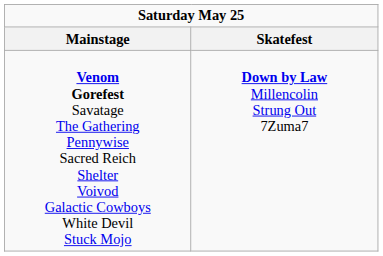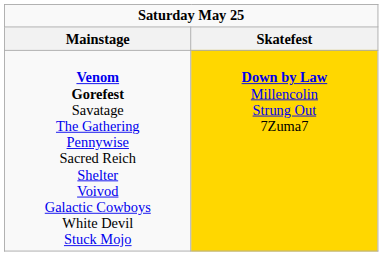 <table class="wikitable">
 <tr>
 <td colspan="3" align="center"><strong>Saturday May 25</strong></td>
 </tr>
 <tr>
 <th>Mainstage</th>
 <th>Skatefest</th>
 </tr>
 <tr>
 <td valign="top" align="center" width=200><br><strong><a href='#'>Venom</a></strong> <br><strong>Gorefest</strong> <br>Savatage <br><a href='#'>The Gathering</a> <br><a href='#'>Pennywise</a> <br>Sacred Reich <br><a href='#'>Shelter</a> <br><a href='#'>Voivod</a> <br><a href='#'>Galactic Cowboys</a> <br>White Devil <br><a href='#'>Stuck Mojo</a></td>
-<td valign="top" align="center" width=200><br><strong><a href='#'>Down by Law</a></strong> <br><a href='#'>Millencolin</a> <br><a href='#'>Strung Out</a> <br>7Zuma7</td>
+<td valign="top" align="center" width=200 style="background: gold;"><br><strong><a href='#'>Down by Law</a></strong> <br><a href='#'>Millencolin</a> <br><a href='#'>Strung Out</a> <br>7Zuma7</td>
 </tr>
 </table>
